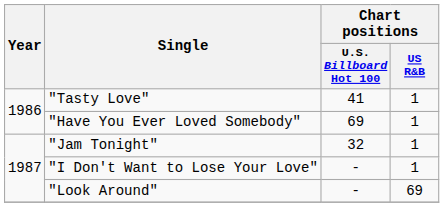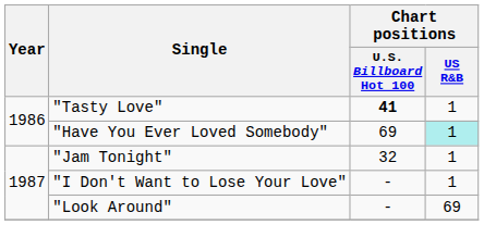 <table class="wikitable" style="text-align:center;">
 <tr>
 <th rowspan="2">Year</th>
 <th rowspan="2">Single</th>
 <th colspan="3">Chart positions</th>
 </tr>
 <tr style="font-size:smaller;">
 <th width="40">U.S. <a href='#'><em>Billboard</em> Hot 100</a></th>
 <th width="40"><a href='#'>US<br>R&B</a></th>
 </tr>
 <tr>
 <td rowspan="2">1986</td>
 <td align="left">"Tasty Love"</td>
-<td>41</td>
+<td><strong>41</strong></td>
 <td>1</td>
 </tr>
 <tr>
 <td align="left">"Have You Ever Loved Somebody"</td>
 <td>69</td>
-<td>1</td>
+<td style="background: paleturquoise;">1</td>
 </tr>
 <tr>
 <td rowspan="3">1987</td>
 <td align="left">"Jam Tonight"</td>
 <td>32</td>
 <td>1</td>
 </tr>
 <tr>
 <td align="left">"I Don't Want to Lose Your Love"</td>
 <td>-</td>
 <td>1</td>
 </tr>
 <tr>
 <td align="left">"Look Around"</td>
 <td>-</td>
 <td>69</td>
 </tr>
 <tr>
 </tr>
 </table>
